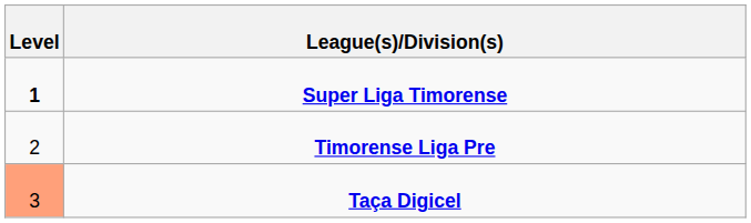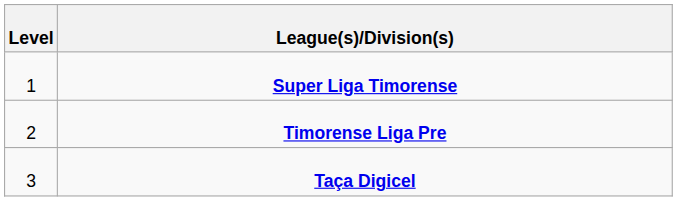 <table class="wikitable" style="text-align: center;">
 <tr>
 <th style="width:4%;"><br>Level</th>
 <th colspan="12" style="width:96%;"><br>League(s)/Division(s)</th>
 </tr>
 <tr>
-<td style="width:4%;"><strong><br>1</strong></td>
+<td style="width:4%;"><br>1</td>
 <td colspan="12" style="width:96%;"><br><strong><a href='#'>Super Liga Timorense</a></strong></td>
 </tr>
 <tr>
 <td style="width:4%;"><br>2</td>
 <td colspan="12" style="width:96%;"><br><strong><a href='#'>Timorense Liga Pre</a></strong></td>
 </tr>
 <tr>
-<td style="background: lightsalmon; width:4%;"><br>3</td>
+<td style="width:4%;"><br>3</td>
 <td colspan="12" style="width:96%;"><br><strong><a href='#'>Taça Digicel</a></strong></td>
 </tr>
 </table>
